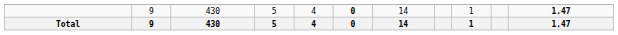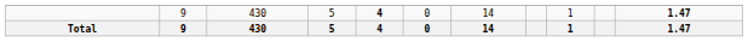 <table class="wikitable sortable" width ="1000">
 <tr align="center">
 </tr>
 <tr align="center" bgcolor="">
 <td></td>
 <td>9</td>
 <td>430</td>
 <td>5</td>
-<td>4</td>
-<td><strong>0</strong></td>
+<td><strong>4</strong></td>
+<td>0</td>
 <td>14</td>
 <td></td>
 <td>1</td>
 <td></td>
 <td><strong>1.47</strong></td>
 </tr>
 <tr>
 <th>Total</th>
 <th>9</th>
 <th>430</th>
 <th>5</th>
 <th>4</th>
 <th>0</th>
 <th>14</th>
 <th></th>
 <th>1</th>
 <th></th>
 <th>1.47</th>
 </tr>
 </table>
